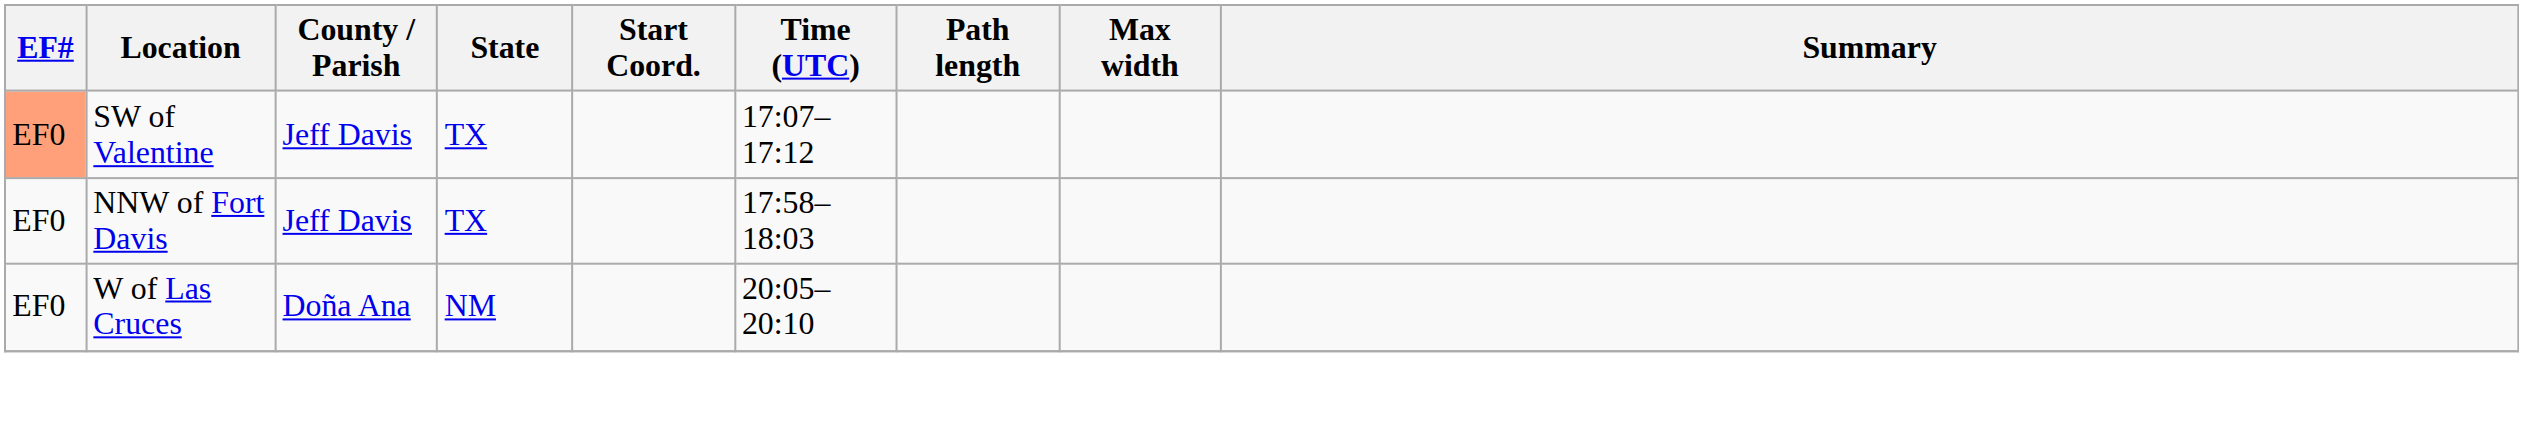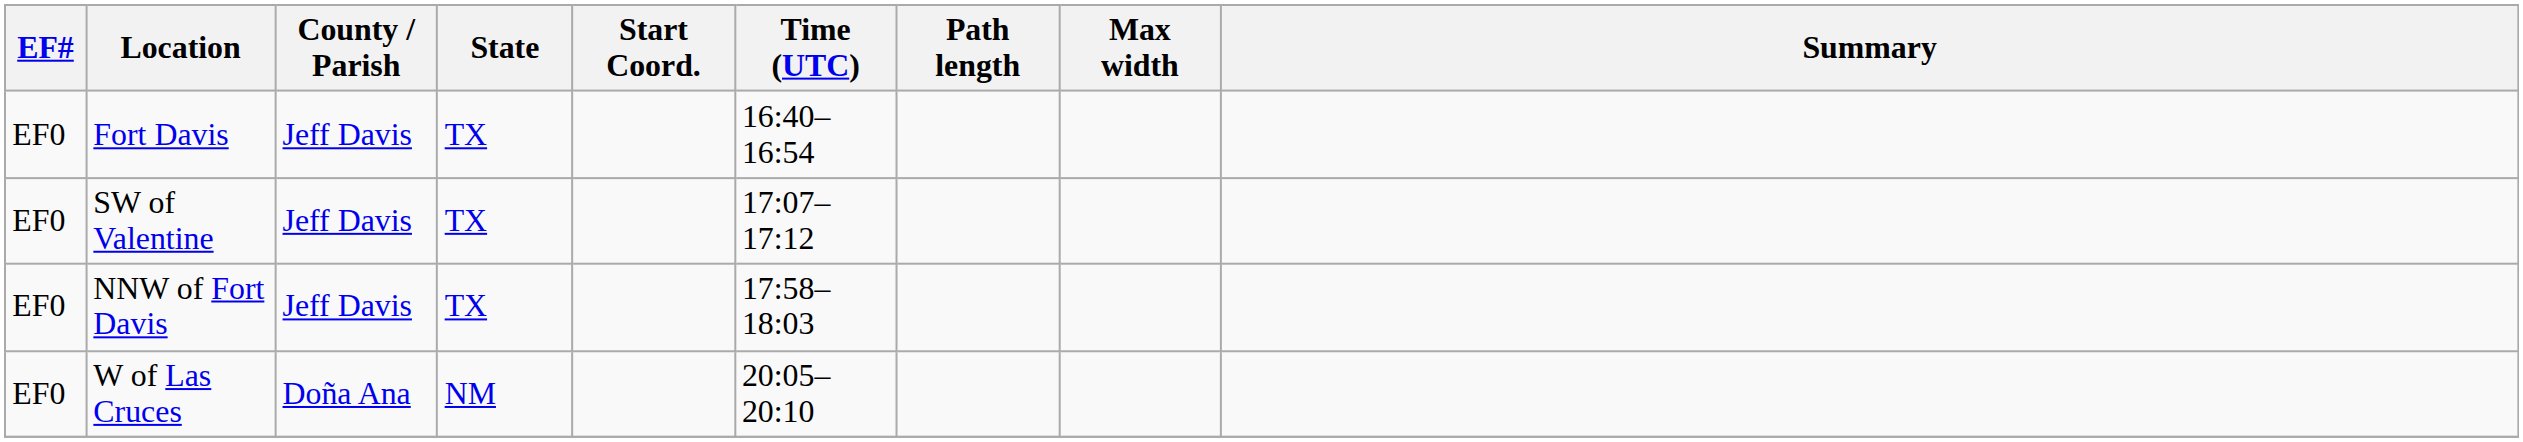 <table class="wikitable sortable" style="width:100%;">
 <tr>
 <th scope="col"  style="width:3%; text-align:center;"><a href='#'>EF#</a></th>
 <th scope="col"  style="width:7%; text-align:center;" class="unsortable">Location</th>
 <th scope="col"  style="width:6%; text-align:center;" class="unsortable">County / Parish</th>
 <th scope="col"  style="width:5%; text-align:center;">State</th>
 <th scope="col"  style="width:6%; text-align:center;">Start Coord.</th>
 <th scope="col"  style="width:6%; text-align:center;">Time (<a href='#'>UTC</a>)</th>
 <th scope="col"  style="width:6%; text-align:center;">Path length</th>
 <th scope="col"  style="width:6%; text-align:center;">Max width</th>
 <th scope="col" class="unsortable" style="width:48%; text-align:center;">Summary</th>
 </tr>
 <tr>
-<td style="background: lightsalmon;">EF0</td>
+<td>EF0</td>
+<td><a href='#'>Fort Davis</a></td>
+<td><a href='#'>Jeff Davis</a></td>
+<td><a href='#'>TX</a></td>
+<td></td>
+<td>16:40–16:54</td>
+<td></td>
+<td></td>
+<td></td>
+</tr>
+<tr>
+<td>EF0</td>
 <td>SW of <a href='#'>Valentine</a></td>
 <td><a href='#'>Jeff Davis</a></td>
 <td><a href='#'>TX</a></td>
 <td></td>
 <td>17:07–17:12</td>
 <td></td>
 <td></td>
 <td></td>
 </tr>
 <tr>
 <td>EF0</td>
 <td>NNW of <a href='#'>Fort Davis</a></td>
 <td><a href='#'>Jeff Davis</a></td>
 <td><a href='#'>TX</a></td>
 <td></td>
 <td>17:58–18:03</td>
 <td></td>
 <td></td>
 <td></td>
 </tr>
 <tr>
 <td>EF0</td>
 <td>W of <a href='#'>Las Cruces</a></td>
 <td><a href='#'>Doña Ana</a></td>
 <td><a href='#'>NM</a></td>
 <td></td>
 <td>20:05–20:10</td>
 <td></td>
 <td></td>
 <td></td>
 </tr>
 <tr>
 </tr>
 </table>
